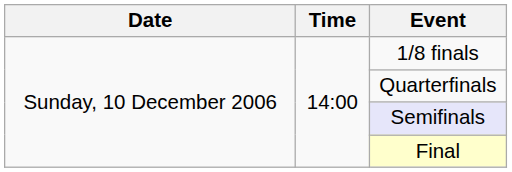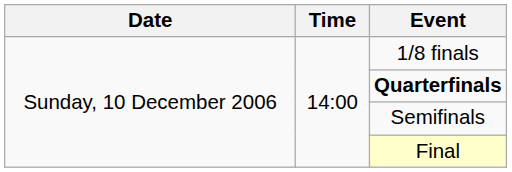 <table class = "wikitable" style="text-align:center;">
 <tr>
 <th width=220>Date</th>
 <th width=50>Time</th>
 <th width=100>Event</th>
 </tr>
 <tr>
 <td rowspan=4>Sunday, 10 December 2006</td>
 <td rowspan=4>14:00</td>
 <td>1/8 finals</td>
 </tr>
 <tr>
-<td>Quarterfinals</td>
+<td><strong>Quarterfinals</strong></td>
 </tr>
 <tr>
-<td style="background: lavender;">Semifinals</td>
+<td>Semifinals</td>
 </tr>
 <tr>
 <td bgcolor=ffffcc>Final</td>
 </tr>
 </table>
